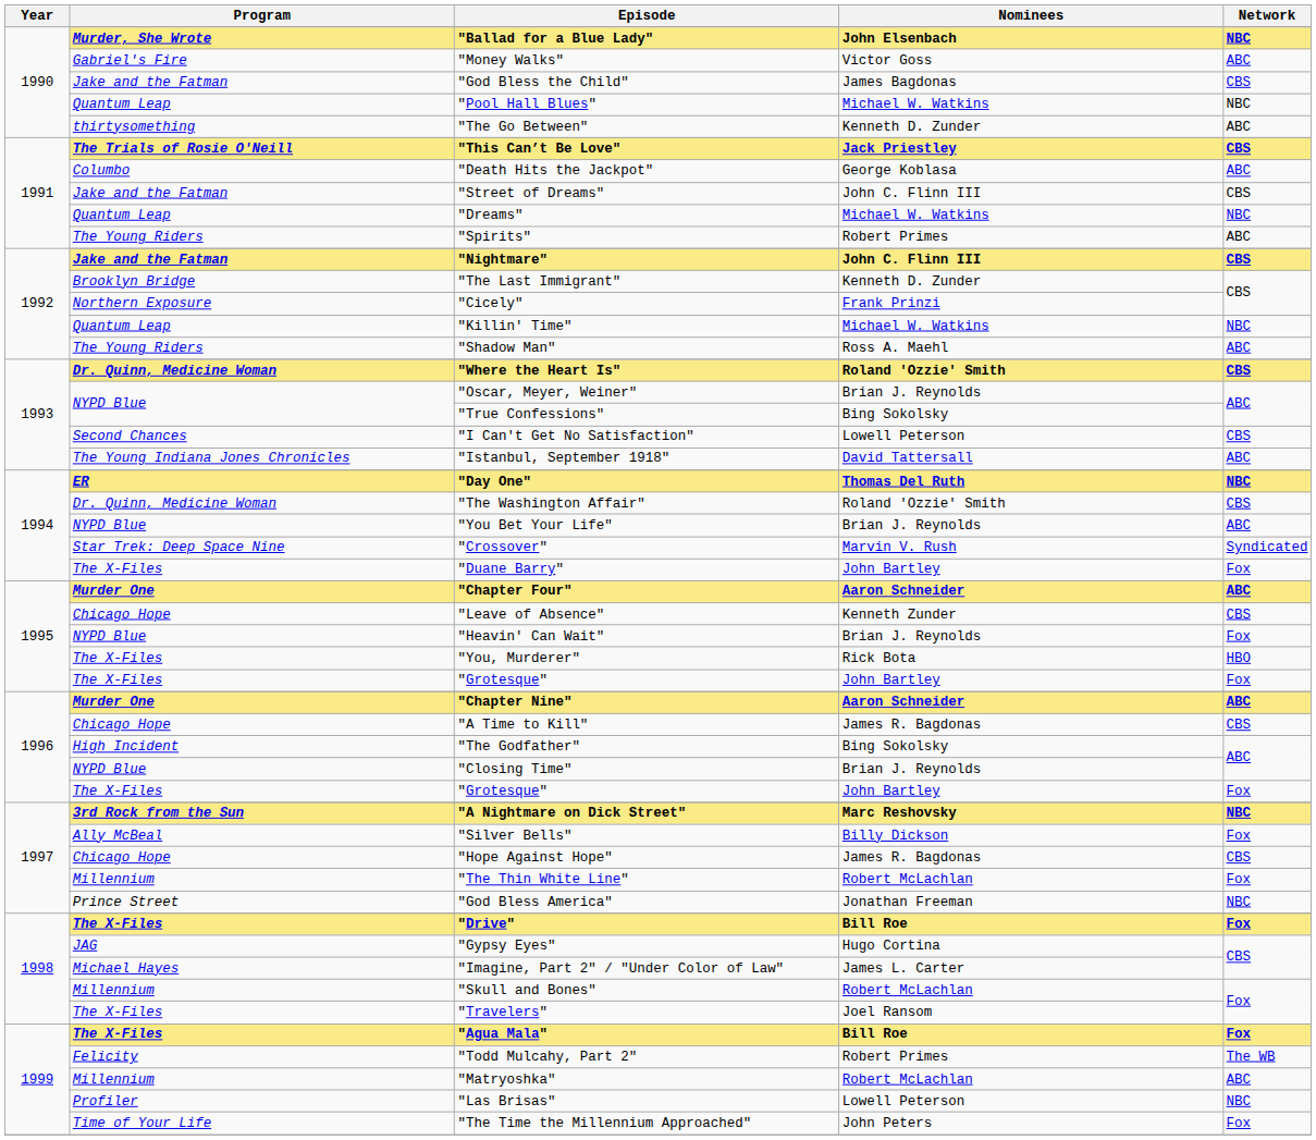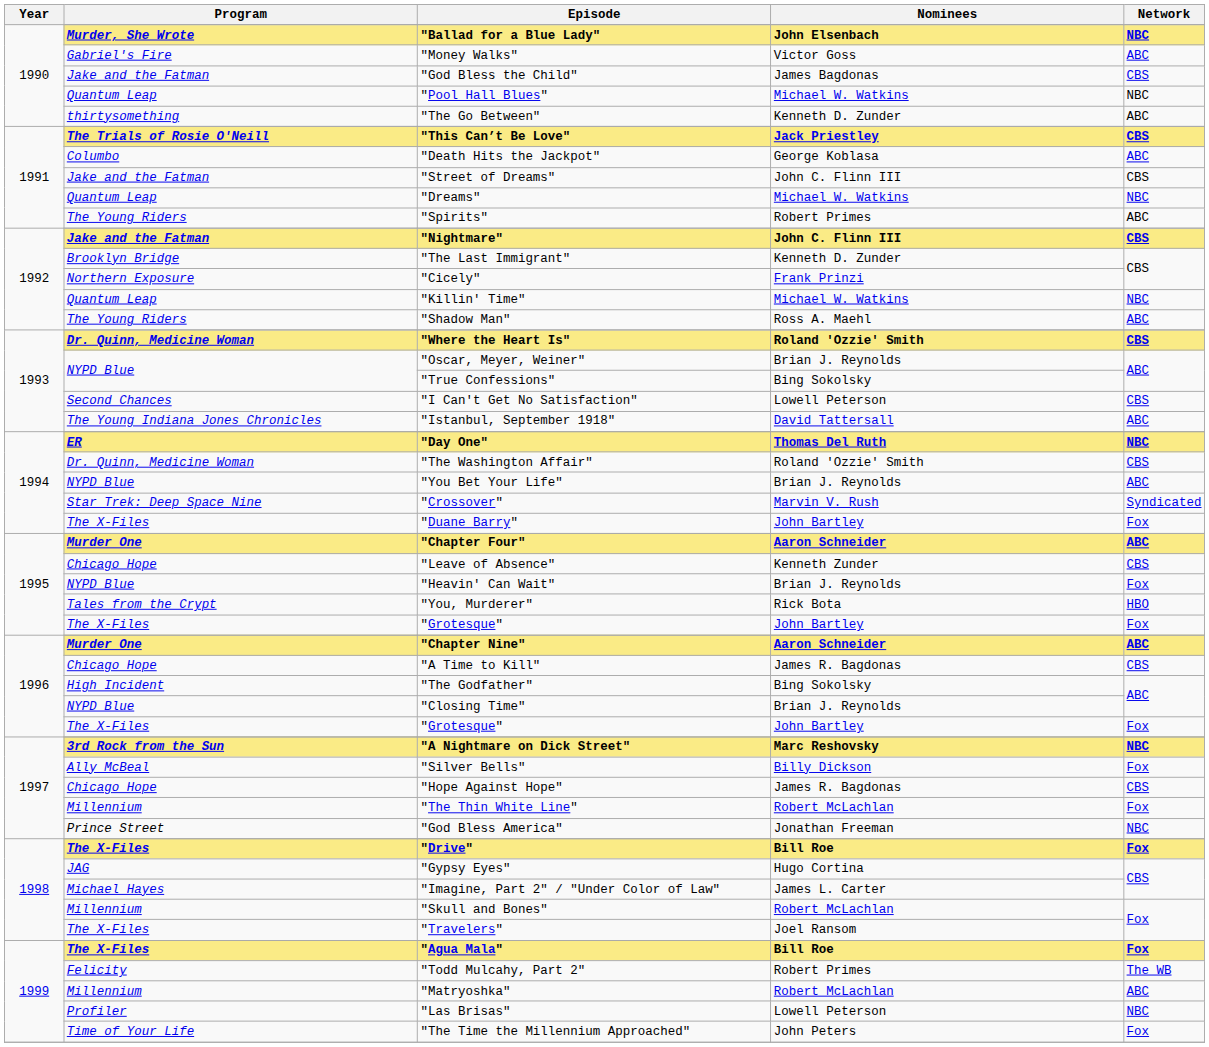 <table class="wikitable">
 <tr>
 <th width="5%">Year</th>
 <th width="30%">Program</th>
 <th width="30%">Episode</th>
 <th width="30%">Nominees</th>
 <th width="5%">Network</th>
 </tr>
 <tr>
 <td rowspan="6" style="text-align:center;">1990<br></td>
 </tr>
 <tr style="background:#FAEB86;">
 <td><strong><em><a href='#'>Murder, She Wrote</a></em></strong></td>
 <td><strong>"Ballad for a Blue Lady"</strong></td>
 <td><strong>John Elsenbach</strong></td>
 <td><strong><a href='#'>NBC</a></strong></td>
 </tr>
 <tr>
 <td><em><a href='#'>Gabriel's Fire</a></em></td>
 <td>"Money Walks"</td>
 <td>Victor Goss</td>
 <td><a href='#'>ABC</a></td>
 </tr>
 <tr>
 <td><em><a href='#'>Jake and the Fatman</a></em></td>
 <td>"God Bless the Child"</td>
 <td>James Bagdonas</td>
 <td><a href='#'>CBS</a></td>
 </tr>
 <tr>
 <td><em><a href='#'>Quantum Leap</a></em></td>
 <td>"<a href='#'>Pool Hall Blues</a>"</td>
 <td><a href='#'>Michael W. Watkins</a></td>
 <td>NBC</td>
 </tr>
 <tr>
 <td><em><a href='#'>thirtysomething</a></em></td>
 <td>"The Go Between"</td>
 <td>Kenneth D. Zunder</td>
 <td>ABC</td>
 </tr>
 <tr>
 <td rowspan="6" style="text-align:center;">1991<br></td>
 </tr>
 <tr style="background:#FAEB86;">
 <td><strong><em><a href='#'>The Trials of Rosie O'Neill</a></em></strong></td>
 <td><strong>"This Can’t Be Love"</strong></td>
 <td><strong><a href='#'>Jack Priestley</a></strong></td>
 <td><strong><a href='#'>CBS</a></strong></td>
 </tr>
 <tr>
 <td><em><a href='#'>Columbo</a></em></td>
 <td>"Death Hits the Jackpot"</td>
 <td>George Koblasa</td>
 <td><a href='#'>ABC</a></td>
 </tr>
 <tr>
 <td><em><a href='#'>Jake and the Fatman</a></em></td>
 <td>"Street of Dreams"</td>
 <td>John C. Flinn III</td>
 <td>CBS</td>
 </tr>
 <tr>
 <td><em><a href='#'>Quantum Leap</a></em></td>
 <td>"Dreams"</td>
 <td><a href='#'>Michael W. Watkins</a></td>
 <td><a href='#'>NBC</a></td>
 </tr>
 <tr>
 <td><em><a href='#'>The Young Riders</a></em></td>
 <td>"Spirits"</td>
 <td>Robert Primes</td>
 <td>ABC</td>
 </tr>
 <tr>
 <td rowspan="6" style="text-align:center;">1992<br></td>
 </tr>
 <tr style="background:#FAEB86;">
 <td><strong><em><a href='#'>Jake and the Fatman</a></em></strong></td>
 <td><strong>"Nightmare"</strong></td>
 <td><strong>John C. Flinn III</strong></td>
 <td><strong><a href='#'>CBS</a></strong></td>
 </tr>
 <tr>
 <td><em><a href='#'>Brooklyn Bridge</a></em></td>
 <td>"The Last Immigrant"</td>
 <td>Kenneth D. Zunder</td>
 <td rowspan="2">CBS</td>
 </tr>
 <tr>
 <td><em><a href='#'>Northern Exposure</a></em></td>
 <td>"Cicely"</td>
 <td><a href='#'>Frank Prinzi</a></td>
 </tr>
 <tr>
 <td><em><a href='#'>Quantum Leap</a></em></td>
 <td>"Killin' Time"</td>
 <td><a href='#'>Michael W. Watkins</a></td>
 <td><a href='#'>NBC</a></td>
 </tr>
 <tr>
 <td><em><a href='#'>The Young Riders</a></em></td>
 <td>"Shadow Man"</td>
 <td>Ross A. Maehl</td>
 <td><a href='#'>ABC</a></td>
 </tr>
 <tr>
 <td rowspan="6" style="text-align:center;">1993<br></td>
 </tr>
 <tr style="background:#FAEB86;">
 <td><strong><em><a href='#'>Dr. Quinn, Medicine Woman</a></em></strong></td>
 <td><strong>"Where the Heart Is"</strong></td>
 <td><strong>Roland 'Ozzie' Smith</strong></td>
 <td><strong><a href='#'>CBS</a></strong></td>
 </tr>
 <tr>
 <td rowspan=2><em><a href='#'>NYPD Blue</a></em></td>
 <td>"Oscar, Meyer, Weiner"</td>
 <td>Brian J. Reynolds</td>
 <td rowspan=2><a href='#'>ABC</a></td>
 </tr>
 <tr>
 <td>"True Confessions"</td>
 <td>Bing Sokolsky</td>
 </tr>
 <tr>
 <td><em><a href='#'>Second Chances</a></em></td>
 <td>"I Can't Get No Satisfaction"</td>
 <td>Lowell Peterson</td>
 <td><a href='#'>CBS</a></td>
 </tr>
 <tr>
 <td><em><a href='#'>The Young Indiana Jones Chronicles</a></em></td>
 <td>"Istanbul, September 1918"</td>
 <td><a href='#'>David Tattersall</a></td>
 <td><a href='#'>ABC</a></td>
 </tr>
 <tr>
 <td rowspan="6" style="text-align:center;">1994<br></td>
 </tr>
 <tr style="background:#FAEB86;">
 <td><strong><em><a href='#'>ER</a></em></strong></td>
 <td><strong>"Day One"</strong></td>
 <td><strong><a href='#'>Thomas Del Ruth</a></strong></td>
 <td><strong><a href='#'>NBC</a></strong></td>
 </tr>
 <tr>
 <td><em><a href='#'>Dr. Quinn, Medicine Woman</a></em></td>
 <td>"The Washington Affair"</td>
 <td>Roland 'Ozzie' Smith</td>
 <td><a href='#'>CBS</a></td>
 </tr>
 <tr>
 <td><em><a href='#'>NYPD Blue</a></em></td>
 <td>"You Bet Your Life"</td>
 <td>Brian J. Reynolds</td>
 <td><a href='#'>ABC</a></td>
 </tr>
 <tr>
 <td><em><a href='#'>Star Trek: Deep Space Nine</a></em></td>
 <td>"<a href='#'>Crossover</a>"</td>
 <td><a href='#'>Marvin V. Rush</a></td>
 <td><a href='#'>Syndicated</a></td>
 </tr>
 <tr>
 <td><em><a href='#'>The X-Files</a></em></td>
 <td>"<a href='#'>Duane Barry</a>"</td>
 <td><a href='#'>John Bartley</a></td>
 <td><a href='#'>Fox</a></td>
 </tr>
 <tr>
 <td rowspan="6" style="text-align:center;">1995<br></td>
 </tr>
 <tr style="background:#FAEB86;">
 <td><strong><em><a href='#'>Murder One</a></em></strong></td>
 <td><strong>"Chapter Four"</strong></td>
 <td><strong><a href='#'>Aaron Schneider</a></strong></td>
 <td><strong><a href='#'>ABC</a></strong></td>
 </tr>
 <tr>
 <td><em><a href='#'>Chicago Hope</a></em></td>
 <td>"Leave of Absence"</td>
 <td>Kenneth Zunder</td>
 <td><a href='#'>CBS</a></td>
 </tr>
 <tr>
 <td><em><a href='#'>NYPD Blue</a></em></td>
 <td>"Heavin' Can Wait"</td>
 <td>Brian J. Reynolds</td>
 <td><a href='#'>Fox</a></td>
 </tr>
 <tr>
-<td><em><a href='#'>The X-Files</a></em></td>
+<td><em><a href='#'>Tales from the Crypt</a></em></td>
 <td>"You, Murderer"</td>
 <td>Rick Bota</td>
 <td><a href='#'>HBO</a></td>
 </tr>
 <tr>
 <td><em><a href='#'>The X-Files</a></em></td>
 <td>"<a href='#'>Grotesque</a>"</td>
 <td><a href='#'>John Bartley</a></td>
 <td><a href='#'>Fox</a></td>
 </tr>
 <tr>
 <td rowspan="6" style="text-align:center;">1996<br></td>
 </tr>
 <tr style="background:#FAEB86;">
 <td><strong><em><a href='#'>Murder One</a></em></strong></td>
 <td><strong>"Chapter Nine"</strong></td>
 <td><strong><a href='#'>Aaron Schneider</a></strong></td>
 <td><strong><a href='#'>ABC</a></strong></td>
 </tr>
 <tr>
 <td><em><a href='#'>Chicago Hope</a></em></td>
 <td>"A Time to Kill"</td>
 <td>James R. Bagdonas</td>
 <td><a href='#'>CBS</a></td>
 </tr>
 <tr>
 <td><em><a href='#'>High Incident</a></em></td>
 <td>"The Godfather"</td>
 <td>Bing Sokolsky</td>
 <td rowspan=2><a href='#'>ABC</a></td>
 </tr>
 <tr>
 <td><em><a href='#'>NYPD Blue</a></em></td>
 <td>"Closing Time"</td>
 <td>Brian J. Reynolds</td>
 </tr>
 <tr>
 <td><em><a href='#'>The X-Files</a></em></td>
 <td>"<a href='#'>Grotesque</a>"</td>
 <td><a href='#'>John Bartley</a></td>
 <td><a href='#'>Fox</a></td>
 </tr>
 <tr>
 <td rowspan="6" style="text-align:center;">1997<br></td>
 </tr>
 <tr style="background:#FAEB86;">
 <td><strong><em><a href='#'>3rd Rock from the Sun</a></em></strong></td>
 <td><strong>"A Nightmare on Dick Street"</strong></td>
 <td><strong>Marc Reshovsky</strong></td>
 <td><strong><a href='#'>NBC</a></strong></td>
 </tr>
 <tr>
 <td><em><a href='#'>Ally McBeal</a></em></td>
 <td>"Silver Bells"</td>
 <td><a href='#'>Billy Dickson</a></td>
 <td><a href='#'>Fox</a></td>
 </tr>
 <tr>
 <td><em><a href='#'>Chicago Hope</a></em></td>
 <td>"Hope Against Hope"</td>
 <td>James R. Bagdonas</td>
 <td><a href='#'>CBS</a></td>
 </tr>
 <tr>
 <td><em><a href='#'>Millennium</a></em></td>
 <td>"<a href='#'>The Thin White Line</a>"</td>
 <td><a href='#'>Robert McLachlan</a></td>
 <td><a href='#'>Fox</a></td>
 </tr>
 <tr>
 <td><em>Prince Street</em></td>
 <td>"God Bless America"</td>
 <td>Jonathan Freeman</td>
 <td><a href='#'>NBC</a></td>
 </tr>
 <tr>
 <td rowspan="6" style="text-align:center;"><a href='#'>1998</a><br></td>
 </tr>
 <tr style="background:#FAEB86;">
 <td><strong><em><a href='#'>The X-Files</a></em></strong></td>
 <td><strong>"<a href='#'>Drive</a>"</strong></td>
 <td><strong>Bill Roe</strong></td>
 <td><strong><a href='#'>Fox</a></strong></td>
 </tr>
 <tr>
 <td><em><a href='#'>JAG</a></em></td>
 <td>"Gypsy Eyes"</td>
 <td>Hugo Cortina</td>
 <td rowspan=2><a href='#'>CBS</a></td>
 </tr>
 <tr>
 <td><em><a href='#'>Michael Hayes</a></em></td>
 <td>"Imagine, Part 2" / "Under Color of Law"</td>
 <td>James L. Carter</td>
 </tr>
 <tr>
 <td><em><a href='#'>Millennium</a></em></td>
 <td>"Skull and Bones"</td>
 <td><a href='#'>Robert McLachlan</a></td>
 <td rowspan=2><a href='#'>Fox</a></td>
 </tr>
 <tr>
 <td><em><a href='#'>The X-Files</a></em></td>
 <td>"<a href='#'>Travelers</a>"</td>
 <td>Joel Ransom</td>
 </tr>
 <tr>
 <td rowspan="6" style="text-align:center;"><a href='#'>1999</a><br></td>
 </tr>
 <tr style="background:#FAEB86;">
 <td><strong><em><a href='#'>The X-Files</a></em></strong></td>
 <td><strong>"<a href='#'>Agua Mala</a>"</strong></td>
 <td><strong>Bill Roe</strong></td>
 <td><strong><a href='#'>Fox</a></strong></td>
 </tr>
 <tr>
 <td><em><a href='#'>Felicity</a></em></td>
 <td>"Todd Mulcahy, Part 2"</td>
 <td>Robert Primes</td>
 <td><a href='#'>The WB</a></td>
 </tr>
 <tr>
 <td><em><a href='#'>Millennium</a></em></td>
 <td>"Matryoshka"</td>
 <td><a href='#'>Robert McLachlan</a></td>
 <td><a href='#'>ABC</a></td>
 </tr>
 <tr>
 <td><em><a href='#'>Profiler</a></em></td>
 <td>"Las Brisas"</td>
 <td>Lowell Peterson</td>
 <td><a href='#'>NBC</a></td>
 </tr>
 <tr>
 <td><em><a href='#'>Time of Your Life</a></em></td>
 <td>"The Time the Millennium Approached"</td>
 <td>John Peters</td>
 <td><a href='#'>Fox</a></td>
 </tr>
 <tr>
 </tr>
 </table>
